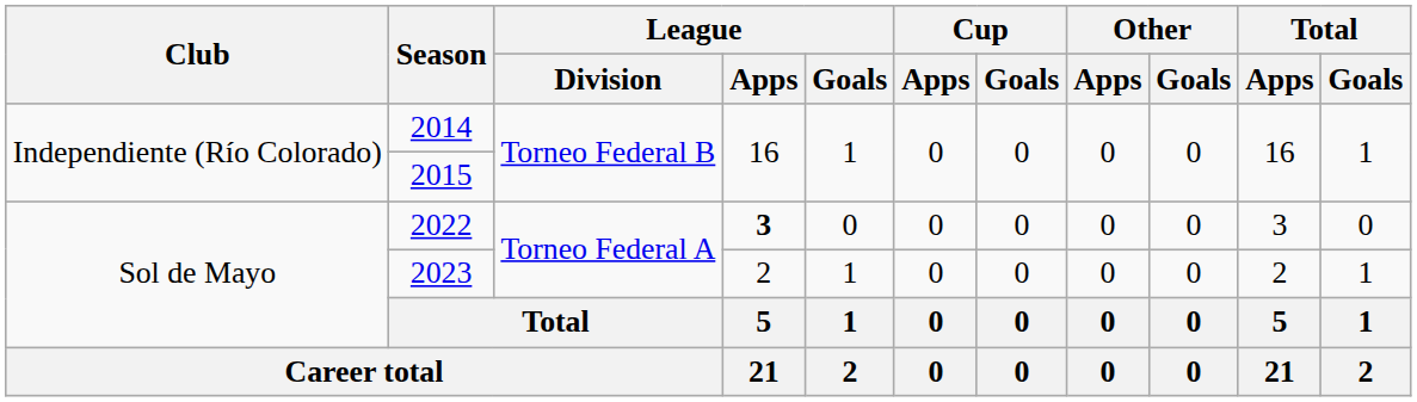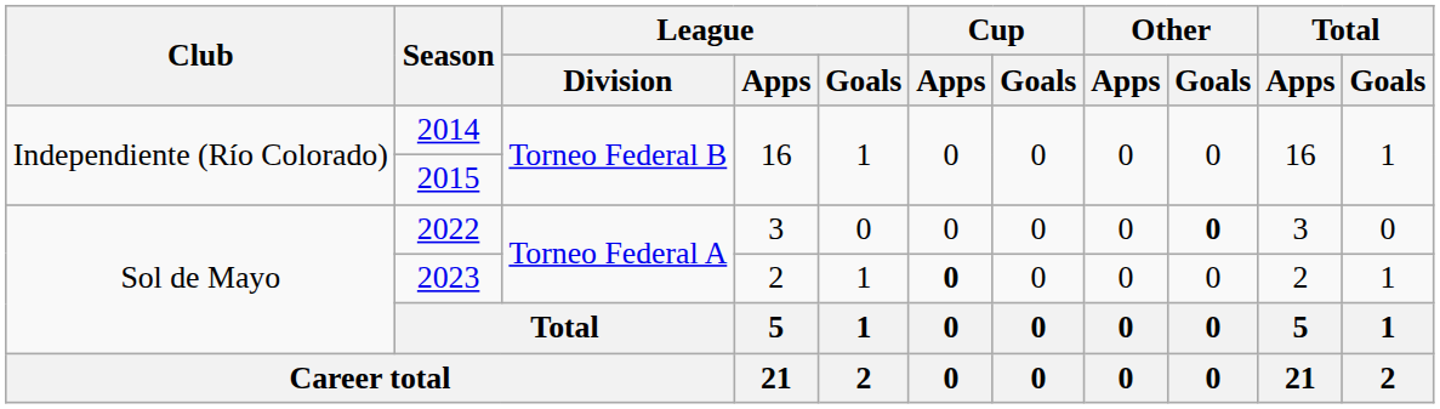 <table class=wikitable style=text-align:center>
 <tr>
 <th rowspan=2>Club</th>
 <th rowspan=2>Season</th>
 <th colspan=3>League</th>
 <th colspan=2>Cup</th>
 <th colspan=2>Other</th>
 <th colspan=2>Total</th>
 </tr>
 <tr>
 <th>Division</th>
 <th>Apps</th>
 <th>Goals</th>
 <th>Apps</th>
 <th>Goals</th>
 <th>Apps</th>
 <th>Goals</th>
 <th>Apps</th>
 <th>Goals</th>
 </tr>
 <tr>
 <td rowspan="2">Independiente (Río Colorado)</td>
 <td><a href='#'>2014</a></td>
 <td rowspan="2"><a href='#'>Torneo Federal B</a></td>
 <td rowspan="2">16</td>
 <td rowspan="2">1</td>
 <td rowspan="2">0</td>
 <td rowspan="2">0</td>
 <td rowspan="2">0</td>
 <td rowspan="2">0</td>
 <td rowspan="2">16</td>
 <td rowspan="2">1</td>
 </tr>
 <tr>
 <td><a href='#'>2015</a></td>
 </tr>
 <tr>
 <td rowspan="3">Sol de Mayo</td>
 <td><a href='#'>2022</a></td>
 <td rowspan="2"><a href='#'>Torneo Federal A</a></td>
-<td><strong>3</strong></td>
+<td>3</td>
 <td>0</td>
 <td>0</td>
 <td>0</td>
 <td>0</td>
-<td>0</td>
+<td><strong>0</strong></td>
 <td>3</td>
 <td>0</td>
 </tr>
 <tr>
 <td><a href='#'>2023</a></td>
 <td>2</td>
 <td>1</td>
-<td>0</td>
+<td><strong>0</strong></td>
 <td>0</td>
 <td>0</td>
 <td>0</td>
 <td>2</td>
 <td>1</td>
 </tr>
 <tr>
 <th colspan=2>Total</th>
 <th>5</th>
 <th>1</th>
 <th>0</th>
 <th>0</th>
 <th>0</th>
 <th>0</th>
 <th>5</th>
 <th>1</th>
 </tr>
 <tr>
 <th colspan=3>Career total</th>
 <th>21</th>
 <th>2</th>
 <th>0</th>
 <th>0</th>
 <th>0</th>
 <th>0</th>
 <th>21</th>
 <th>2</th>
 </tr>
 </table>
